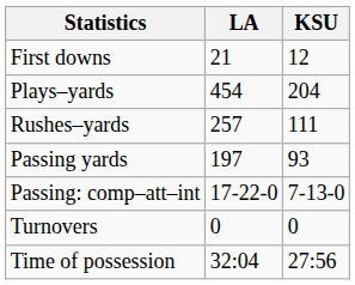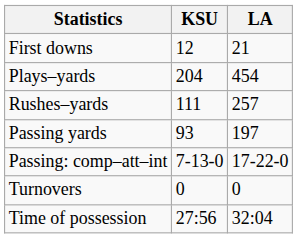 <table class="wikitable" style="float:left">
 <tr>
 <th>Statistics</th>
+<th>KSU</th>
 <th>LA</th>
-<th>KSU</th>
 </tr>
 <tr>
 <td>First downs</td>
+<td>12</td>
 <td>21</td>
-<td>12</td>
 </tr>
 <tr>
 <td>Plays–yards</td>
+<td>204</td>
 <td>454</td>
-<td>204</td>
 </tr>
 <tr>
 <td>Rushes–yards</td>
+<td>111</td>
 <td>257</td>
-<td>111</td>
 </tr>
 <tr>
 <td>Passing yards</td>
+<td>93</td>
 <td>197</td>
-<td>93</td>
 </tr>
 <tr>
 <td>Passing: comp–att–int</td>
+<td>7-13-0</td>
 <td>17-22-0</td>
-<td>7-13-0</td>
 </tr>
 <tr>
 <td>Turnovers</td>
 <td>0</td>
 <td>0</td>
 </tr>
 <tr>
 <td>Time of possession</td>
+<td>27:56</td>
 <td>32:04</td>
-<td>27:56</td>
 </tr>
 </table>
